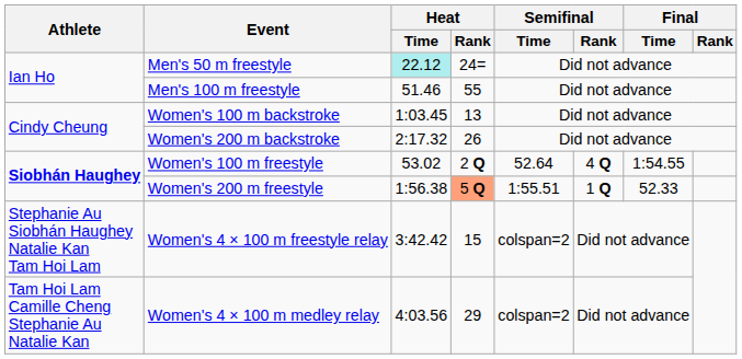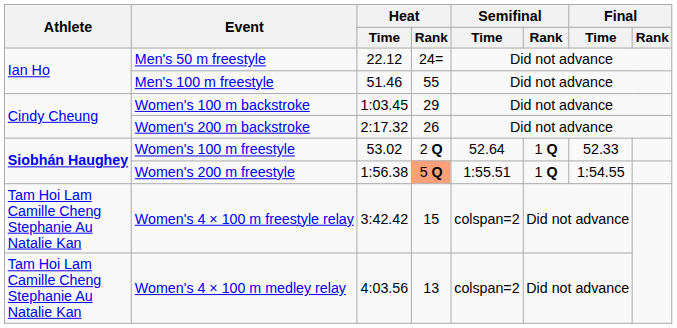 <table class=wikitable style="font-size:90%;">
 <tr>
 <th rowspan=2>Athlete</th>
 <th rowspan=2>Event</th>
 <th colspan=2>Heat</th>
 <th colspan=2>Semifinal</th>
 <th colspan=2>Final</th>
 </tr>
 <tr style="font-size:95%">
 <th>Time</th>
 <th>Rank</th>
 <th>Time</th>
 <th>Rank</th>
 <th>Time</th>
 <th>Rank</th>
 </tr>
 <tr align=center>
 <td align=left rowspan=2><a href='#'>Ian Ho</a></td>
 <td align=left><a href='#'>Men's 50 m freestyle</a></td>
-<td style="background: paleturquoise;">22.12</td>
+<td>22.12</td>
 <td>24=</td>
 <td colspan=4>Did not advance</td>
 </tr>
 <tr align=center>
 <td align=left><a href='#'>Men's 100 m freestyle</a></td>
 <td>51.46</td>
 <td>55</td>
 <td colspan=4>Did not advance</td>
 </tr>
 <tr align=center>
 <td align=left rowspan=2><a href='#'>Cindy Cheung</a></td>
 <td align=left><a href='#'>Women's 100 m backstroke</a></td>
 <td>1:03.45</td>
-<td>13</td>
+<td>29</td>
 <td colspan=4>Did not advance</td>
 </tr>
 <tr align=center>
 <td align=left><a href='#'>Women's 200 m backstroke</a></td>
 <td>2:17.32</td>
 <td>26</td>
 <td colspan=4>Did not advance</td>
 </tr>
 <tr align=center>
 <td align=left rowspan=2><strong><a href='#'>Siobhán Haughey</a></strong></td>
 <td align=left><a href='#'>Women's 100 m freestyle</a></td>
 <td>53.02</td>
 <td>2 <strong>Q</strong></td>
 <td>52.64</td>
-<td>4 <strong>Q</strong></td>
-<td>1:54.55</td>
+<td>1 <strong>Q</strong></td>
+<td>52.33</td>
 <td></td>
 </tr>
 <tr align=center>
 <td align=left><a href='#'>Women's 200 m freestyle</a></td>
 <td>1:56.38</td>
 <td style="background: lightsalmon;">5 <strong>Q</strong></td>
 <td>1:55.51</td>
 <td>1 <strong>Q</strong></td>
-<td>52.33</td>
+<td>1:54.55</td>
 <td></td>
 </tr>
 <tr align=center>
-<td align=left><a href='#'>Stephanie Au</a><br><a href='#'>Siobhán Haughey</a><br><a href='#'>Natalie Kan</a><br><a href='#'>Tam Hoi Lam</a></td>
+<td align=left><a href='#'>Tam Hoi Lam</a><br><a href='#'>Camille Cheng</a><br><a href='#'>Stephanie Au</a><br><a href='#'>Natalie Kan</a></td>
 <td align=left><a href='#'>Women's 4 × 100 m freestyle relay</a></td>
 <td>3:42.42</td>
 <td>15</td>
 <td>colspan=2 </td>
 <td colspan=2>Did not advance</td>
 </tr>
 <tr align=center>
 <td align=left><a href='#'>Tam Hoi Lam</a><br><a href='#'>Camille Cheng</a><br><a href='#'>Stephanie Au</a><br><a href='#'>Natalie Kan</a></td>
 <td align=left><a href='#'>Women's 4 × 100 m medley relay</a></td>
 <td>4:03.56</td>
-<td>29</td>
+<td>13</td>
 <td>colspan=2 </td>
 <td colspan=2>Did not advance</td>
 </tr>
 </table>
